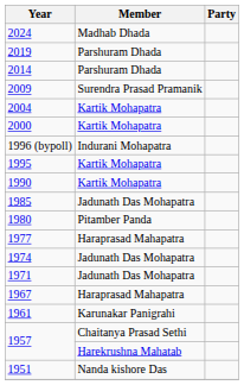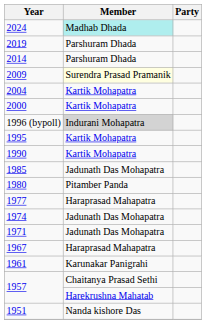 <table class="wikitable sortable">
 <tr>
 <th>Year</th>
 <th>Member</th>
 <th colspan=2>Party</th>
 </tr>
 <tr>
 <td><a href='#'>2024</a></td>
-<td>Madhab Dhada</td>
+<td style="background: paleturquoise;">Madhab Dhada</td>
 <td></td>
 </tr>
 <tr>
 <td><a href='#'>2019</a></td>
 <td>Parshuram Dhada</td>
 <td></td>
 </tr>
 <tr>
 <td><a href='#'>2014</a></td>
 <td>Parshuram Dhada</td>
 <td></td>
 </tr>
 <tr>
 <td><a href='#'>2009</a></td>
-<td>Surendra Prasad Pramanik</td>
+<td style="background: lightyellow;">Surendra Prasad Pramanik</td>
 <td></td>
 </tr>
 <tr>
 <td><a href='#'>2004</a></td>
 <td><a href='#'>Kartik Mohapatra</a></td>
 <td></td>
 </tr>
 <tr>
 <td><a href='#'>2000</a></td>
 <td><a href='#'>Kartik Mohapatra</a></td>
 <td></td>
 </tr>
 <tr>
 <td>1996 (bypoll)</td>
-<td>Indurani Mohapatra</td>
+<td style="background: lightgrey;">Indurani Mohapatra</td>
 <td></td>
 </tr>
 <tr>
 <td><a href='#'>1995</a></td>
 <td><a href='#'>Kartik Mohapatra</a></td>
 <td></td>
 </tr>
 <tr>
 <td><a href='#'>1990</a></td>
 <td><a href='#'>Kartik Mohapatra</a></td>
 <td></td>
 </tr>
 <tr>
 <td><a href='#'>1985</a></td>
 <td>Jadunath Das Mohapatra</td>
 <td></td>
 </tr>
 <tr>
 <td><a href='#'>1980</a></td>
 <td>Pitamber Panda</td>
 <td></td>
 </tr>
 <tr>
 <td><a href='#'>1977</a></td>
 <td>Haraprasad Mahapatra</td>
 <td></td>
 </tr>
 <tr>
 <td><a href='#'>1974</a></td>
 <td>Jadunath Das Mohapatra</td>
 <td></td>
 </tr>
 <tr>
 <td><a href='#'>1971</a></td>
 <td>Jadunath Das Mohapatra</td>
 <td></td>
 </tr>
 <tr>
 <td><a href='#'>1967</a></td>
 <td>Haraprasad Mahapatra</td>
 <td></td>
 </tr>
 <tr>
 <td><a href='#'>1961</a></td>
 <td>Karunakar Panigrahi</td>
 <td></td>
 </tr>
 <tr>
 <td rowspan="2"><a href='#'>1957</a></td>
 <td>Chaitanya Prasad Sethi</td>
 <td></td>
 </tr>
 <tr>
 <td><a href='#'>Harekrushna Mahatab</a></td>
 <td></td>
 </tr>
 <tr>
 <td><a href='#'>1951</a></td>
 <td>Nanda kishore Das</td>
 <td></td>
 </tr>
 <tr>
 </tr>
 </table>
